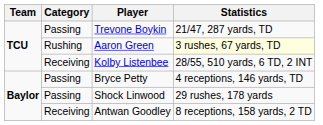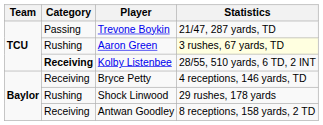 <table class="wikitable" style="float: left;">
 <tr>
 <th>Team</th>
 <th>Category</th>
 <th>Player</th>
 <th>Statistics</th>
 </tr>
 <tr>
 <td rowspan=3><strong>TCU</strong></td>
 <td>Passing</td>
 <td><a href='#'>Trevone Boykin</a></td>
 <td>21/47, 287 yards, TD</td>
 </tr>
 <tr>
 <td>Rushing</td>
 <td><a href='#'>Aaron Green</a></td>
 <td style="background: lightyellow;">3 rushes, 67 yards, TD</td>
 </tr>
 <tr>
-<td>Receiving</td>
+<td><strong>Receiving</strong></td>
 <td><a href='#'>Kolby Listenbee</a></td>
 <td>28/55, 510 yards, 6 TD, 2 INT</td>
 </tr>
 <tr>
 <td rowspan=3><strong>Baylor</strong></td>
-<td>Passing</td>
+<td>Receiving</td>
 <td>Bryce Petty</td>
 <td>4 receptions, 146 yards, TD</td>
 </tr>
 <tr>
-<td>Passing</td>
+<td>Rushing</td>
 <td>Shock Linwood</td>
 <td>29 rushes, 178 yards</td>
 </tr>
 <tr>
 <td>Receiving</td>
 <td>Antwan Goodley</td>
 <td>8 receptions, 158 yards, 2 TD</td>
 </tr>
 </table>
